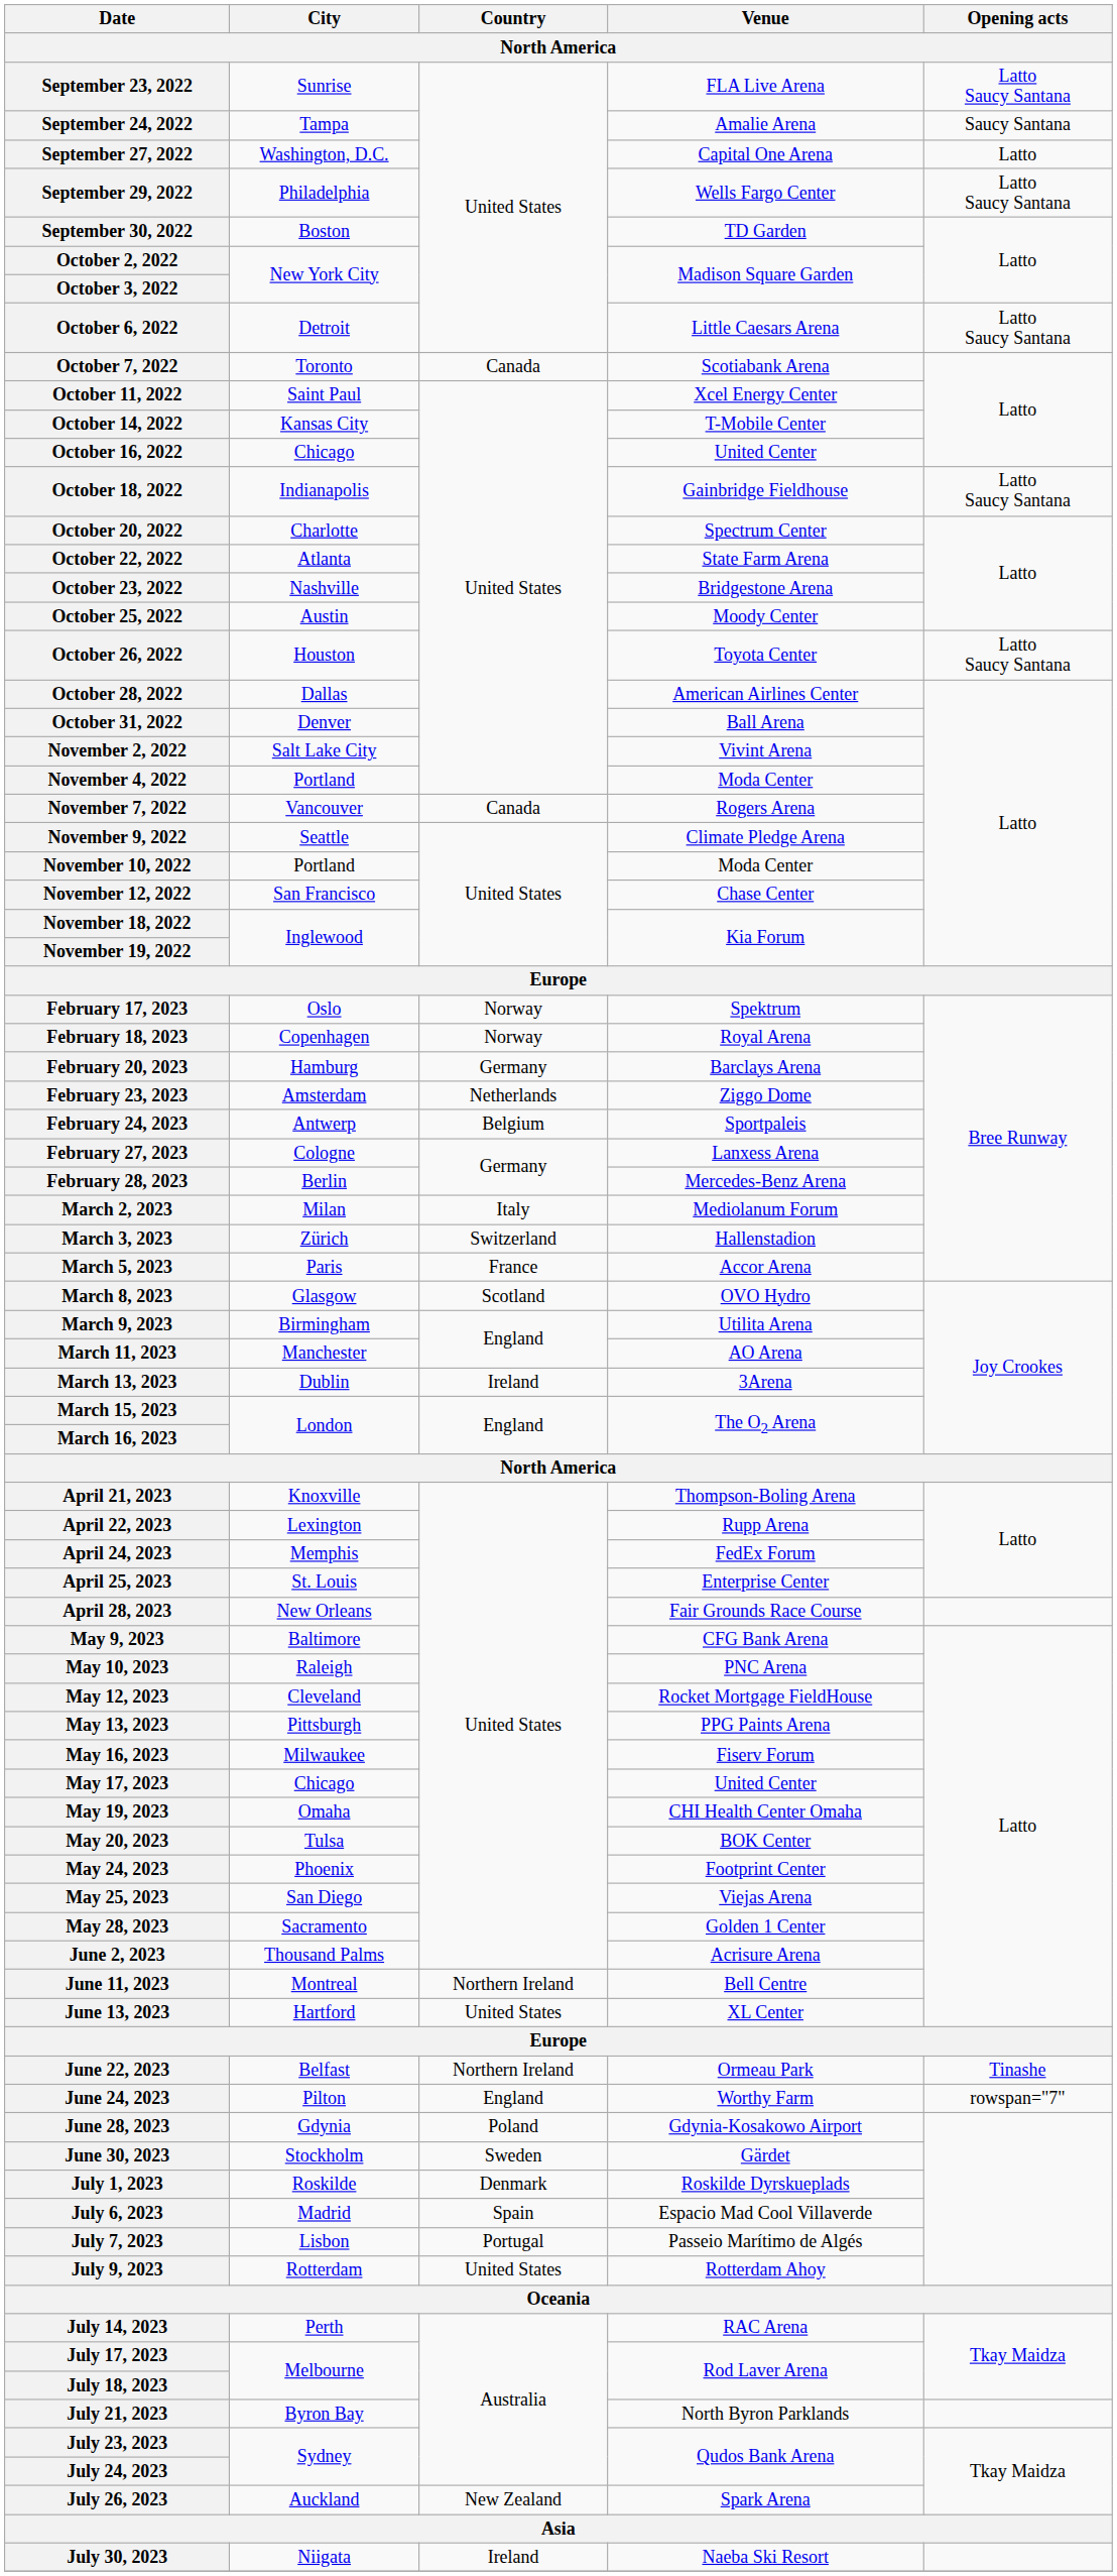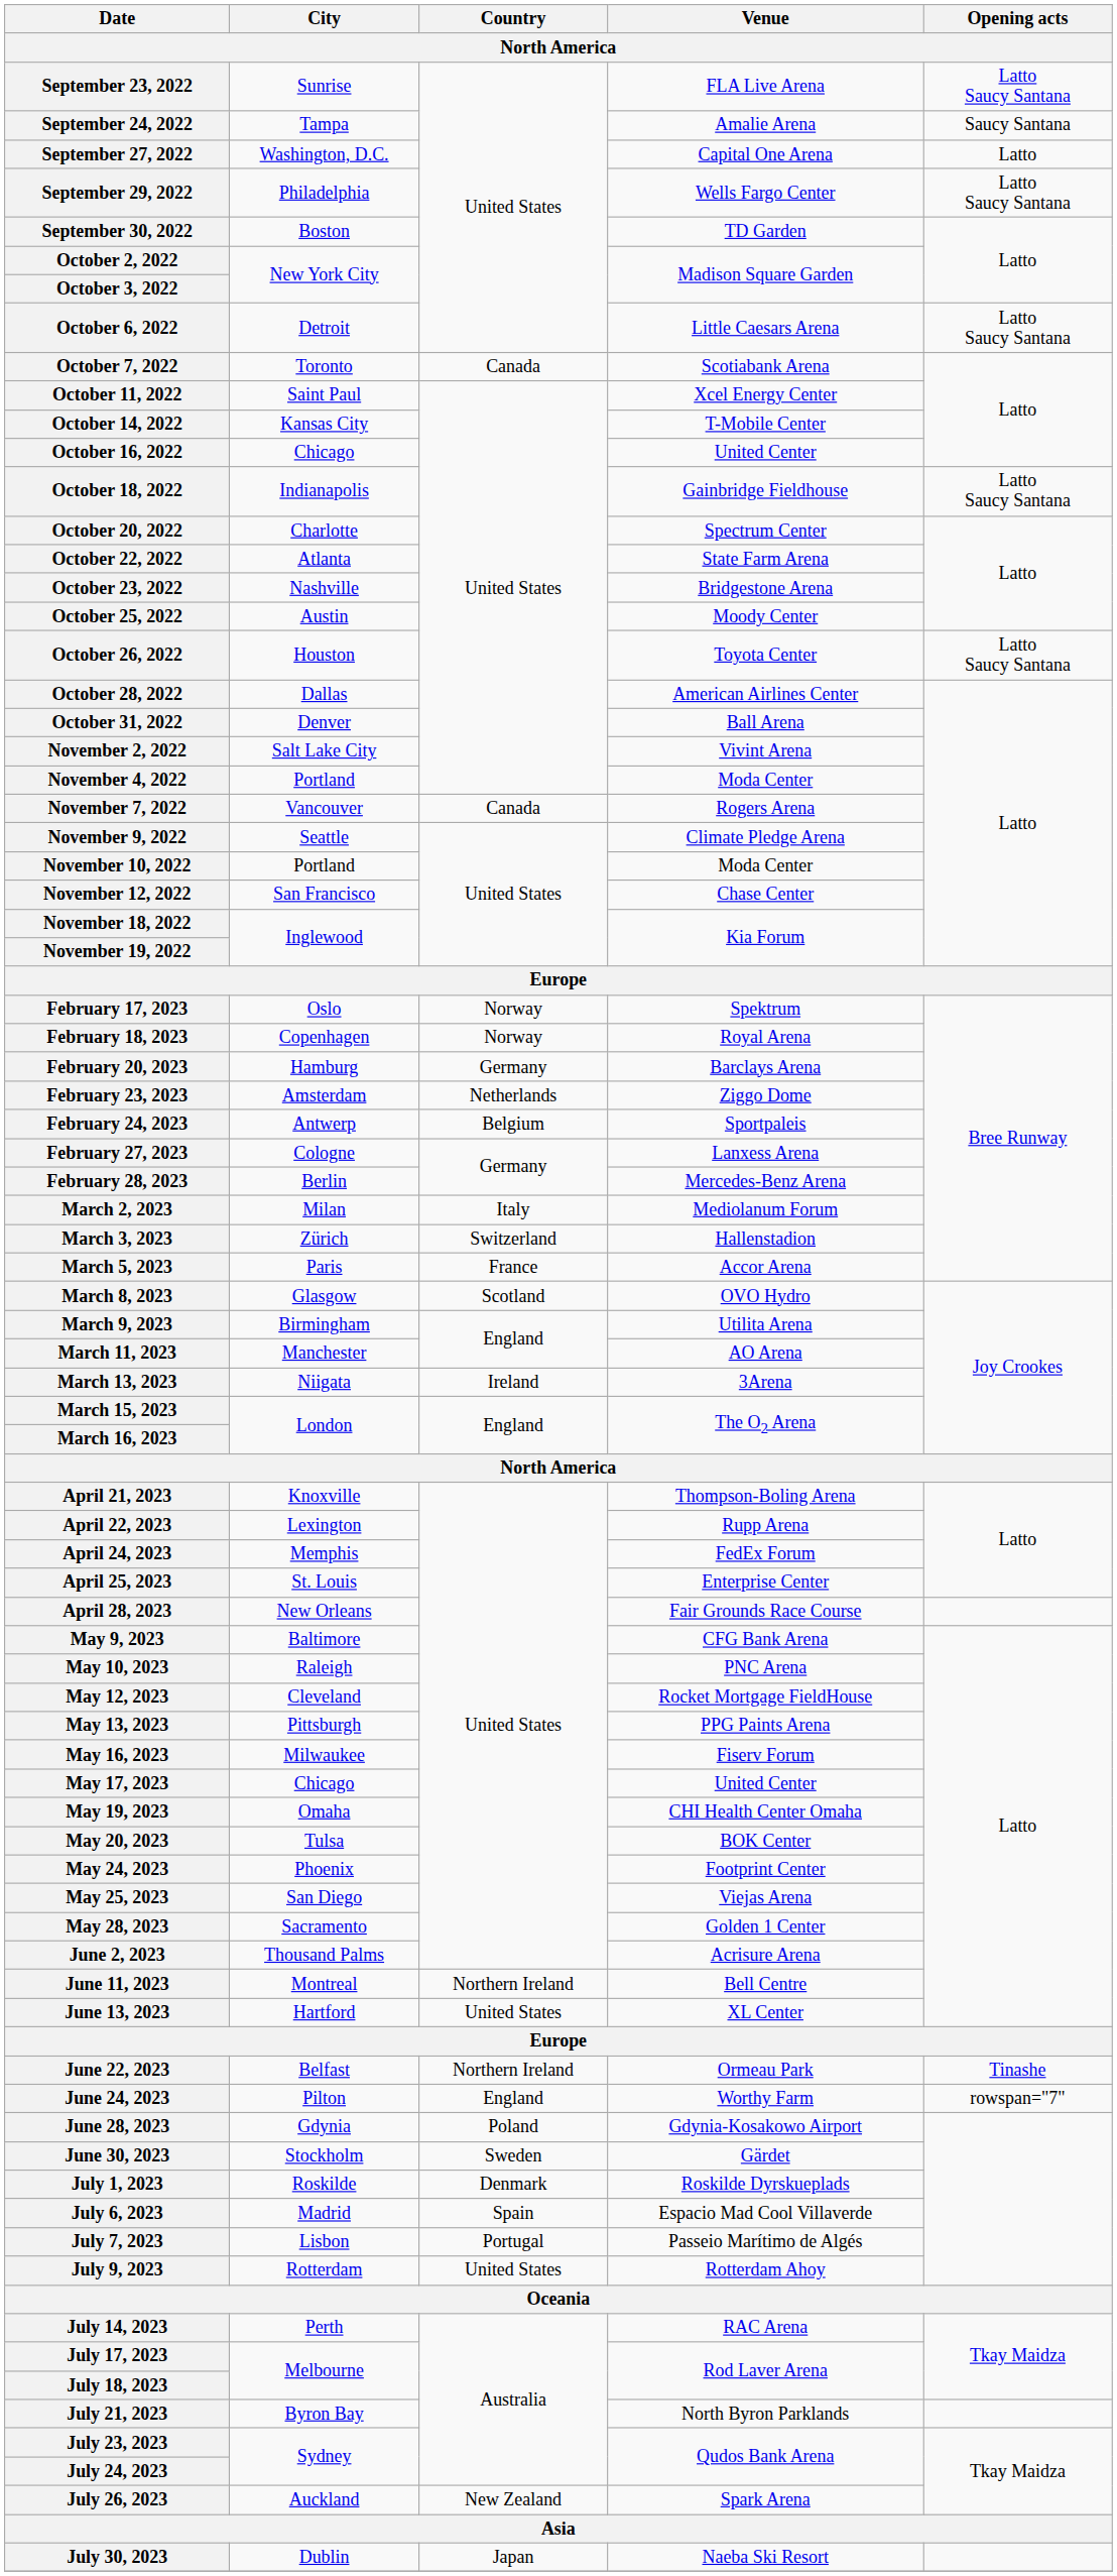 <table class="wikitable plainrowheaders" style="text-align:center;">
 <tr>
 <th scope="col" style="width:12em;">Date</th>
 <th scope="col" style="width:10em;">City</th>
 <th scope="col" style="width:10em;">Country</th>
 <th scope="col" style="width:17em;">Venue</th>
 <th scope="col" style="width:10em;">Opening acts</th>
 </tr>
 <tr>
 <th colspan="6">North America</th>
 </tr>
 <tr>
 <th scope="row">September 23, 2022</th>
 <td><a href='#'>Sunrise</a></td>
 <td rowspan="8">United States</td>
 <td><a href='#'>FLA Live Arena</a></td>
 <td><a href='#'>Latto</a><br><a href='#'>Saucy Santana</a></td>
 </tr>
 <tr>
 <th scope="row">September 24, 2022</th>
 <td><a href='#'>Tampa</a></td>
 <td><a href='#'>Amalie Arena</a></td>
 <td>Saucy Santana</td>
 </tr>
 <tr>
 <th scope="row">September 27, 2022</th>
 <td><a href='#'>Washington, D.C.</a></td>
 <td><a href='#'>Capital One Arena</a></td>
 <td>Latto</td>
 </tr>
 <tr>
 <th scope="row">September 29, 2022</th>
 <td><a href='#'>Philadelphia</a></td>
 <td><a href='#'>Wells Fargo Center</a></td>
 <td>Latto<br>Saucy Santana</td>
 </tr>
 <tr>
 <th scope="row">September 30, 2022</th>
 <td><a href='#'>Boston</a></td>
 <td><a href='#'>TD Garden</a></td>
 <td rowspan="3">Latto</td>
 </tr>
 <tr>
 <th scope="row">October 2, 2022</th>
 <td rowspan="2"><a href='#'>New York City</a></td>
 <td rowspan="2"><a href='#'>Madison Square Garden</a></td>
 </tr>
 <tr>
 <th scope="row">October 3, 2022</th>
 </tr>
 <tr>
 <th scope="row">October 6, 2022</th>
 <td><a href='#'>Detroit</a></td>
 <td><a href='#'>Little Caesars Arena</a></td>
 <td>Latto<br>Saucy Santana</td>
 </tr>
 <tr>
 <th scope="row">October 7, 2022</th>
 <td><a href='#'>Toronto</a></td>
 <td>Canada</td>
 <td><a href='#'>Scotiabank Arena</a></td>
 <td rowspan="4">Latto</td>
 </tr>
 <tr>
 <th scope="row">October 11, 2022</th>
 <td><a href='#'>Saint Paul</a></td>
 <td rowspan="13">United States</td>
 <td><a href='#'>Xcel Energy Center</a></td>
 </tr>
 <tr>
 <th scope="row">October 14, 2022</th>
 <td><a href='#'>Kansas City</a></td>
 <td><a href='#'>T-Mobile Center</a></td>
 </tr>
 <tr>
 <th scope="row">October 16, 2022</th>
 <td><a href='#'>Chicago</a></td>
 <td><a href='#'>United Center</a></td>
 </tr>
 <tr>
 <th scope="row">October 18, 2022</th>
 <td><a href='#'>Indianapolis</a></td>
 <td><a href='#'>Gainbridge Fieldhouse</a></td>
 <td>Latto<br>Saucy Santana</td>
 </tr>
 <tr>
 <th scope="row">October 20, 2022</th>
 <td><a href='#'>Charlotte</a></td>
 <td><a href='#'>Spectrum Center</a></td>
 <td rowspan="4">Latto</td>
 </tr>
 <tr>
 <th scope="row">October 22, 2022</th>
 <td><a href='#'>Atlanta</a></td>
 <td><a href='#'>State Farm Arena</a></td>
 </tr>
 <tr>
 <th scope="row">October 23, 2022</th>
 <td><a href='#'>Nashville</a></td>
 <td><a href='#'>Bridgestone Arena</a></td>
 </tr>
 <tr>
 <th scope="row">October 25, 2022</th>
 <td><a href='#'>Austin</a></td>
 <td><a href='#'>Moody Center</a></td>
 </tr>
 <tr>
 <th scope="row">October 26, 2022</th>
 <td><a href='#'>Houston</a></td>
 <td><a href='#'>Toyota Center</a></td>
 <td>Latto<br>Saucy Santana</td>
 </tr>
 <tr>
 <th scope="row">October 28, 2022</th>
 <td><a href='#'>Dallas</a></td>
 <td><a href='#'>American Airlines Center</a></td>
 <td rowspan="10">Latto</td>
 </tr>
 <tr>
 <th scope="row">October 31, 2022</th>
 <td><a href='#'>Denver</a></td>
 <td><a href='#'>Ball Arena</a></td>
 </tr>
 <tr>
 <th scope="row">November 2, 2022</th>
 <td><a href='#'>Salt Lake City</a></td>
 <td><a href='#'>Vivint Arena</a></td>
 </tr>
 <tr>
 <th scope="row">November 4, 2022</th>
 <td><a href='#'>Portland</a></td>
 <td><a href='#'>Moda Center</a></td>
 </tr>
 <tr>
 <th scope="row">November 7, 2022</th>
 <td><a href='#'>Vancouver</a></td>
 <td>Canada</td>
 <td><a href='#'>Rogers Arena</a></td>
 </tr>
 <tr>
 <th scope="row">November 9, 2022</th>
 <td><a href='#'>Seattle</a></td>
 <td rowspan="5">United States</td>
 <td><a href='#'>Climate Pledge Arena</a></td>
 </tr>
 <tr>
 <th scope="row">November 10, 2022</th>
 <td>Portland</td>
 <td>Moda Center</td>
 </tr>
 <tr>
 <th scope="row">November 12, 2022</th>
 <td><a href='#'>San Francisco</a></td>
 <td><a href='#'>Chase Center</a></td>
 </tr>
 <tr>
 <th scope="row">November 18, 2022</th>
 <td rowspan="2"><a href='#'>Inglewood</a></td>
 <td rowspan="2"><a href='#'>Kia Forum</a></td>
 </tr>
 <tr>
 <th scope="row">November 19, 2022</th>
 </tr>
 <tr>
 <th colspan="6">Europe</th>
 </tr>
 <tr>
 <th scope="row">February 17, 2023</th>
 <td><a href='#'>Oslo</a></td>
 <td>Norway</td>
 <td><a href='#'>Spektrum</a></td>
 <td rowspan="10"><a href='#'>Bree Runway</a></td>
 </tr>
 <tr>
 <th scope="row">February 18, 2023</th>
 <td><a href='#'>Copenhagen</a></td>
 <td>Norway</td>
 <td><a href='#'>Royal Arena</a></td>
 </tr>
 <tr>
 <th scope="row">February 20, 2023</th>
 <td><a href='#'>Hamburg</a></td>
 <td>Germany</td>
 <td><a href='#'>Barclays Arena</a></td>
 </tr>
 <tr>
 <th scope="row">February 23, 2023</th>
 <td><a href='#'>Amsterdam</a></td>
 <td>Netherlands</td>
 <td><a href='#'>Ziggo Dome</a></td>
 </tr>
 <tr>
 <th scope="row">February 24, 2023</th>
 <td><a href='#'>Antwerp</a></td>
 <td>Belgium</td>
 <td><a href='#'>Sportpaleis</a></td>
 </tr>
 <tr>
 <th scope="row">February 27, 2023</th>
 <td><a href='#'>Cologne</a></td>
 <td rowspan="2">Germany</td>
 <td><a href='#'>Lanxess Arena</a></td>
 </tr>
 <tr>
 <th scope="row">February 28, 2023</th>
 <td><a href='#'>Berlin</a></td>
 <td><a href='#'>Mercedes-Benz Arena</a></td>
 </tr>
 <tr>
 <th scope="row">March 2, 2023</th>
 <td><a href='#'>Milan</a></td>
 <td>Italy</td>
 <td><a href='#'>Mediolanum Forum</a></td>
 </tr>
 <tr>
 <th scope="row">March 3, 2023</th>
 <td><a href='#'>Zürich</a></td>
 <td>Switzerland</td>
 <td><a href='#'>Hallenstadion</a></td>
 </tr>
 <tr>
 <th scope="row">March 5, 2023</th>
 <td><a href='#'>Paris</a></td>
 <td>France</td>
 <td><a href='#'>Accor Arena</a></td>
 </tr>
 <tr>
 <th scope="row">March 8, 2023</th>
 <td><a href='#'>Glasgow</a></td>
 <td>Scotland</td>
 <td><a href='#'>OVO Hydro</a></td>
 <td rowspan="6"><a href='#'>Joy Crookes</a></td>
 </tr>
 <tr>
 <th scope="row">March 9, 2023</th>
 <td><a href='#'>Birmingham</a></td>
 <td rowspan="2">England</td>
 <td><a href='#'>Utilita Arena</a></td>
 </tr>
 <tr>
 <th scope="row">March 11, 2023</th>
 <td><a href='#'>Manchester</a></td>
 <td><a href='#'>AO Arena</a></td>
 </tr>
 <tr>
 <th scope="row">March 13, 2023</th>
-<td><a href='#'>Dublin</a></td>
+<td><a href='#'>Niigata</a></td>
 <td>Ireland</td>
 <td><a href='#'>3Arena</a></td>
 </tr>
 <tr>
 <th scope="row">March 15, 2023</th>
 <td rowspan="2"><a href='#'>London</a></td>
 <td rowspan="2">England</td>
 <td rowspan="2"><a href='#'>The O<sub>2</sub> Arena</a></td>
 </tr>
 <tr>
 <th scope="row">March 16, 2023</th>
 </tr>
 <tr>
 <th colspan="6">North America</th>
 </tr>
 <tr>
 <th scope="row">April 21, 2023</th>
 <td><a href='#'>Knoxville</a></td>
 <td rowspan="17">United States</td>
 <td><a href='#'>Thompson-Boling Arena</a></td>
 <td rowspan="4">Latto</td>
 </tr>
 <tr>
 <th scope="row">April 22, 2023</th>
 <td><a href='#'>Lexington</a></td>
 <td><a href='#'>Rupp Arena</a></td>
 </tr>
 <tr>
 <th scope="row">April 24, 2023</th>
 <td><a href='#'>Memphis</a></td>
 <td><a href='#'>FedEx Forum</a></td>
 </tr>
 <tr>
 <th scope="row">April 25, 2023</th>
 <td><a href='#'>St. Louis</a></td>
 <td><a href='#'>Enterprise Center</a></td>
 </tr>
 <tr>
 <th scope="row">April 28, 2023</th>
 <td><a href='#'>New Orleans</a></td>
 <td><a href='#'>Fair Grounds Race Course</a></td>
 <td></td>
 </tr>
 <tr>
 <th scope="row">May 9, 2023</th>
 <td><a href='#'>Baltimore</a></td>
 <td><a href='#'>CFG Bank Arena</a></td>
 <td rowspan="14">Latto</td>
 </tr>
 <tr>
 <th scope="row">May 10, 2023</th>
 <td><a href='#'>Raleigh</a></td>
 <td><a href='#'>PNC Arena</a></td>
 </tr>
 <tr>
 <th scope="row">May 12, 2023</th>
 <td><a href='#'>Cleveland</a></td>
 <td><a href='#'>Rocket Mortgage FieldHouse</a></td>
 </tr>
 <tr>
 <th scope="row">May 13, 2023</th>
 <td><a href='#'>Pittsburgh</a></td>
 <td><a href='#'>PPG Paints Arena</a></td>
 </tr>
 <tr>
 <th scope="row">May 16, 2023</th>
 <td><a href='#'>Milwaukee</a></td>
 <td><a href='#'>Fiserv Forum</a></td>
 </tr>
 <tr>
 <th scope="row">May 17, 2023</th>
 <td><a href='#'>Chicago</a></td>
 <td><a href='#'>United Center</a></td>
 </tr>
 <tr>
 <th scope="row">May 19, 2023</th>
 <td><a href='#'>Omaha</a></td>
 <td><a href='#'>CHI Health Center Omaha</a></td>
 </tr>
 <tr>
 <th scope="row">May 20, 2023</th>
 <td><a href='#'>Tulsa</a></td>
 <td><a href='#'>BOK Center</a></td>
 </tr>
 <tr>
 <th scope="row">May 24, 2023</th>
 <td><a href='#'>Phoenix</a></td>
 <td><a href='#'>Footprint Center</a></td>
 </tr>
 <tr>
 <th scope="row">May 25, 2023</th>
 <td><a href='#'>San Diego</a></td>
 <td><a href='#'>Viejas Arena</a></td>
 </tr>
 <tr>
 <th scope="row">May 28, 2023</th>
 <td><a href='#'>Sacramento</a></td>
 <td><a href='#'>Golden 1 Center</a></td>
 </tr>
 <tr>
 <th scope="row">June 2, 2023</th>
 <td><a href='#'>Thousand Palms</a></td>
 <td><a href='#'>Acrisure Arena</a></td>
 </tr>
 <tr>
 <th scope="row">June 11, 2023</th>
 <td><a href='#'>Montreal</a></td>
 <td>Northern Ireland</td>
 <td><a href='#'>Bell Centre</a></td>
 </tr>
 <tr>
 <th scope="row">June 13, 2023</th>
 <td><a href='#'>Hartford</a></td>
 <td>United States</td>
 <td><a href='#'>XL Center</a></td>
 </tr>
 <tr>
 <th colspan="6">Europe</th>
 </tr>
 <tr>
 <th scope="row">June 22, 2023</th>
 <td><a href='#'>Belfast</a></td>
 <td>Northern Ireland</td>
 <td><a href='#'>Ormeau Park</a></td>
 <td><a href='#'>Tinashe</a></td>
 </tr>
 <tr>
 <th scope="row">June 24, 2023</th>
 <td><a href='#'>Pilton</a></td>
 <td>England</td>
 <td><a href='#'>Worthy Farm</a></td>
 <td>rowspan="7" </td>
 </tr>
 <tr>
 <th scope="row">June 28, 2023</th>
 <td><a href='#'>Gdynia</a></td>
 <td>Poland</td>
 <td><a href='#'>Gdynia-Kosakowo Airport</a></td>
 </tr>
 <tr>
 <th scope="row">June 30, 2023</th>
 <td><a href='#'>Stockholm</a></td>
 <td>Sweden</td>
 <td><a href='#'>Gärdet</a></td>
 </tr>
 <tr>
 <th scope="row">July 1, 2023</th>
 <td><a href='#'>Roskilde</a></td>
 <td>Denmark</td>
 <td><a href='#'>Roskilde Dyrskueplads</a></td>
 </tr>
 <tr>
 <th scope="row">July 6, 2023</th>
 <td><a href='#'>Madrid</a></td>
 <td>Spain</td>
 <td>Espacio Mad Cool Villaverde</td>
 </tr>
 <tr>
 <th scope="row">July 7, 2023</th>
 <td><a href='#'>Lisbon</a></td>
 <td>Portugal</td>
 <td>Passeio Marítimo de Algés</td>
 </tr>
 <tr>
 <th scope="row">July 9, 2023</th>
 <td><a href='#'>Rotterdam</a></td>
 <td>United States</td>
 <td><a href='#'>Rotterdam Ahoy</a></td>
 </tr>
 <tr>
 <th colspan="6">Oceania</th>
 </tr>
 <tr>
 <th scope="row">July 14, 2023</th>
 <td><a href='#'>Perth</a></td>
 <td rowspan="6">Australia</td>
 <td><a href='#'>RAC Arena</a></td>
 <td rowspan="3"><a href='#'>Tkay Maidza</a></td>
 </tr>
 <tr>
 <th scope="row">July 17, 2023</th>
 <td rowspan="2"><a href='#'>Melbourne</a></td>
 <td rowspan="2"><a href='#'>Rod Laver Arena</a></td>
 </tr>
 <tr>
 <th scope="row">July 18, 2023</th>
 </tr>
 <tr>
 <th scope="row">July 21, 2023</th>
 <td><a href='#'>Byron Bay</a></td>
 <td>North Byron Parklands</td>
 <td></td>
 </tr>
 <tr>
 <th scope="row">July 23, 2023</th>
 <td rowspan="2"><a href='#'>Sydney</a></td>
 <td rowspan="2"><a href='#'>Qudos Bank Arena</a></td>
 <td rowspan="3">Tkay Maidza</td>
 </tr>
 <tr>
 <th scope="row">July 24, 2023</th>
 </tr>
 <tr>
 <th scope="row">July 26, 2023</th>
 <td><a href='#'>Auckland</a></td>
 <td>New Zealand</td>
 <td><a href='#'>Spark Arena</a></td>
 </tr>
 <tr>
 <th colspan="6">Asia</th>
 </tr>
 <tr>
 <th scope="row">July 30, 2023</th>
-<td><a href='#'>Niigata</a></td>
-<td>Ireland</td>
+<td><a href='#'>Dublin</a></td>
+<td>Japan</td>
 <td><a href='#'>Naeba Ski Resort</a></td>
 <td></td>
 </tr>
 <tr>
 </tr>
 </table>
